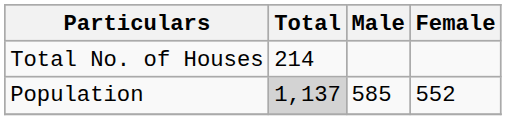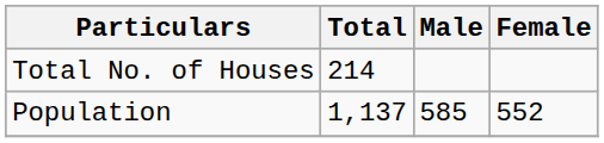 <table class="wikitable sortable">
 <tr>
 <th>Particulars</th>
 <th>Total</th>
 <th>Male</th>
 <th>Female</th>
 </tr>
 <tr>
 <td>Total No. of Houses</td>
 <td>214</td>
 <td></td>
 <td></td>
 </tr>
 <tr>
 <td>Population</td>
-<td style="background: lightgrey;">1,137</td>
+<td>1,137</td>
 <td>585</td>
 <td>552</td>
 </tr>
 <tr>
 </tr>
 </table>
